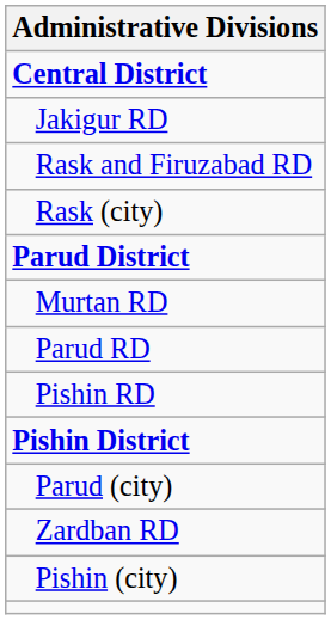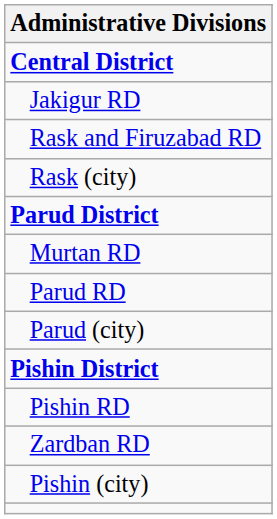 <table class="wikitable">
 <tr>
 <th>Administrative Divisions</th>
 </tr>
 <tr>
 <td><strong><a href='#'>Central District</a></strong></td>
 </tr>
 <tr>
 <td style="padding-left: 1em;"><a href='#'>Jakigur RD</a></td>
 </tr>
 <tr>
 <td style="padding-left: 1em;"><a href='#'>Rask and Firuzabad RD</a></td>
 </tr>
 <tr>
 <td style="padding-left: 1em;"><a href='#'>Rask</a> (city)</td>
 </tr>
 <tr>
 <td><strong><a href='#'>Parud District</a></strong></td>
 </tr>
 <tr>
 <td style="padding-left: 1em;"><a href='#'>Murtan RD</a></td>
 </tr>
 <tr>
 <td style="padding-left: 1em;"><a href='#'>Parud RD</a></td>
 </tr>
 <tr>
-<td style="padding-left: 1em;"><a href='#'>Pishin RD</a></td>
+<td style="padding-left: 1em;"><a href='#'>Parud</a> (city)</td>
 </tr>
 <tr>
 <td><strong><a href='#'>Pishin District</a></strong></td>
 </tr>
 <tr>
-<td style="padding-left: 1em;"><a href='#'>Parud</a> (city)</td>
+<td style="padding-left: 1em;"><a href='#'>Pishin RD</a></td>
 </tr>
 <tr>
 <td style="padding-left: 1em;"><a href='#'>Zardban RD</a></td>
 </tr>
 <tr>
 <td style="padding-left: 1em;"><a href='#'>Pishin</a> (city)</td>
 </tr>
 <tr>
 <td colspan=1></td>
 </tr>
 </table>
